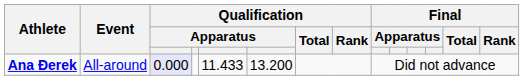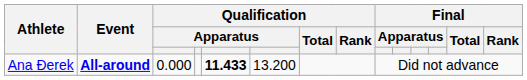 <table class="wikitable" style="font-size:90%">
 <tr>
 <th rowspan=3>Athlete</th>
 <th rowspan=3>Event</th>
 <th colspan=6>Qualification</th>
 <th colspan=6>Final</th>
 </tr>
 <tr style="font-size:95%">
 <th colspan=4>Apparatus</th>
 <th rowspan=2>Total</th>
 <th rowspan=2>Rank</th>
 <th colspan=4>Apparatus</th>
 <th rowspan=2>Total</th>
 <th rowspan=2>Rank</th>
 </tr>
 <tr style="font-size:95%">
 <th></th>
 <th></th>
 <th></th>
 <th></th>
 <th></th>
 <th></th>
 <th></th>
 <th></th>
 </tr>
 <tr align=center>
-<td align=left><strong><a href='#'>Ana Đerek</a></strong></td>
-<td align=left><a href='#'>All-around</a></td>
-<td style="background: lavender;">0.000</td>
+<td align=left><a href='#'>Ana Đerek</a></td>
+<td align=left><strong><a href='#'>All-around</a></strong></td>
+<td>0.000</td>
 <td></td>
-<td>11.433</td>
+<td><strong>11.433</strong></td>
 <td>13.200</td>
 <td colspan=2></td>
 <td colspan=6>Did not advance</td>
 </tr>
 </table>
